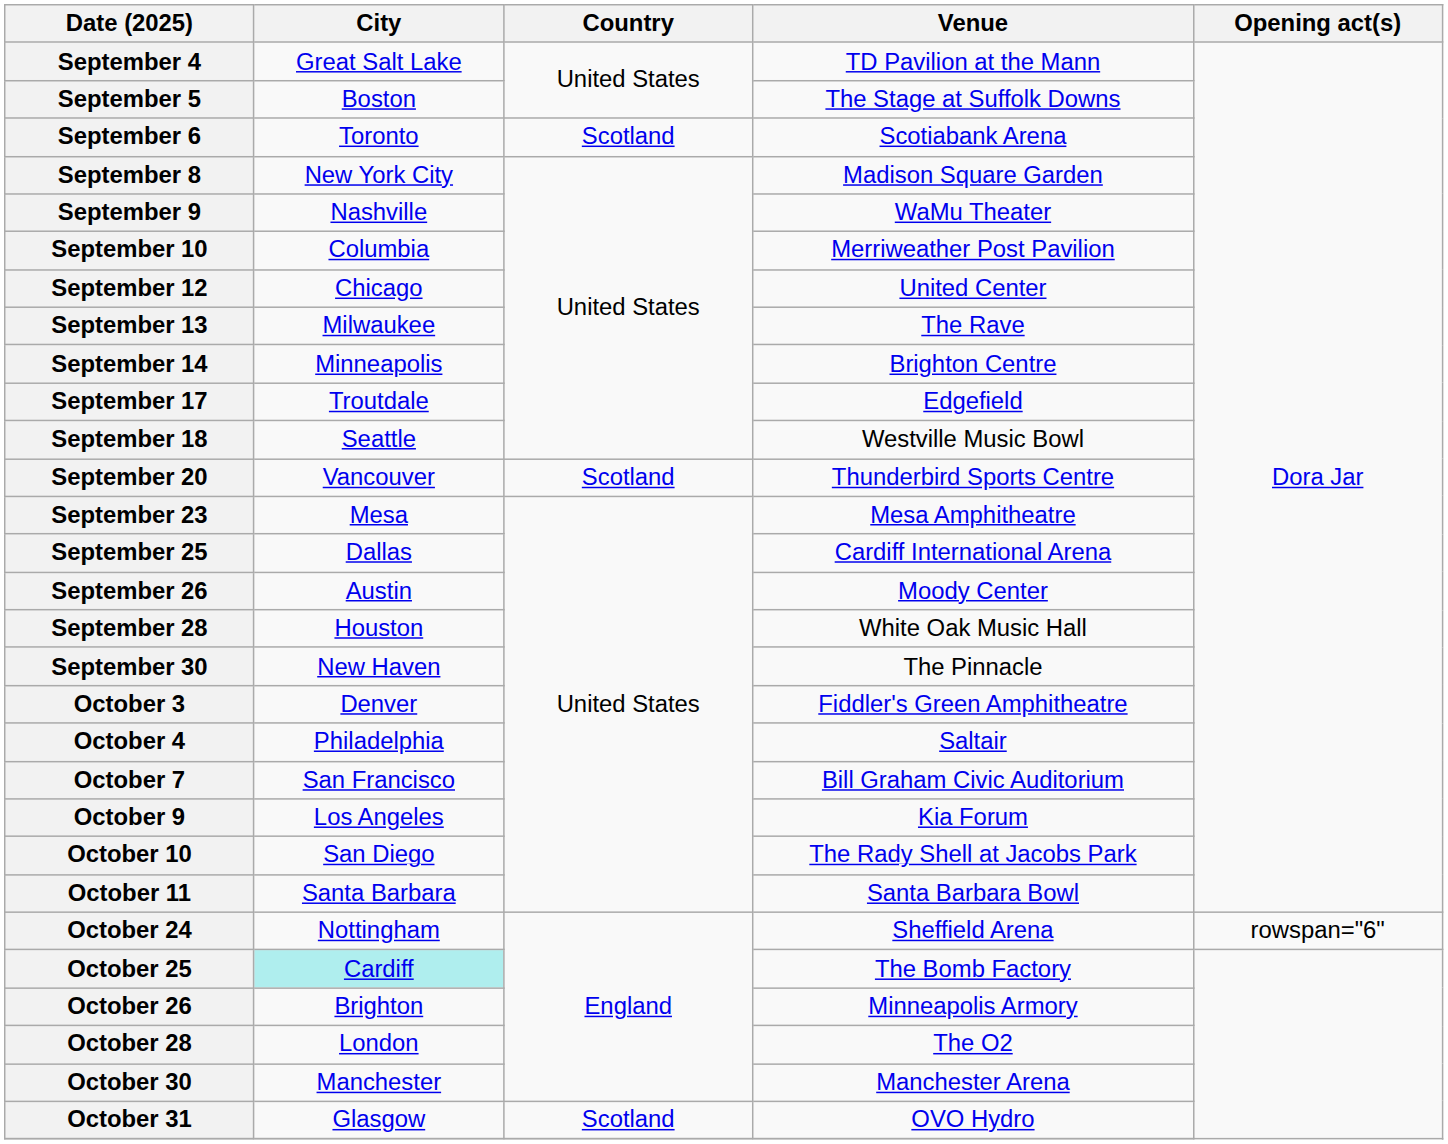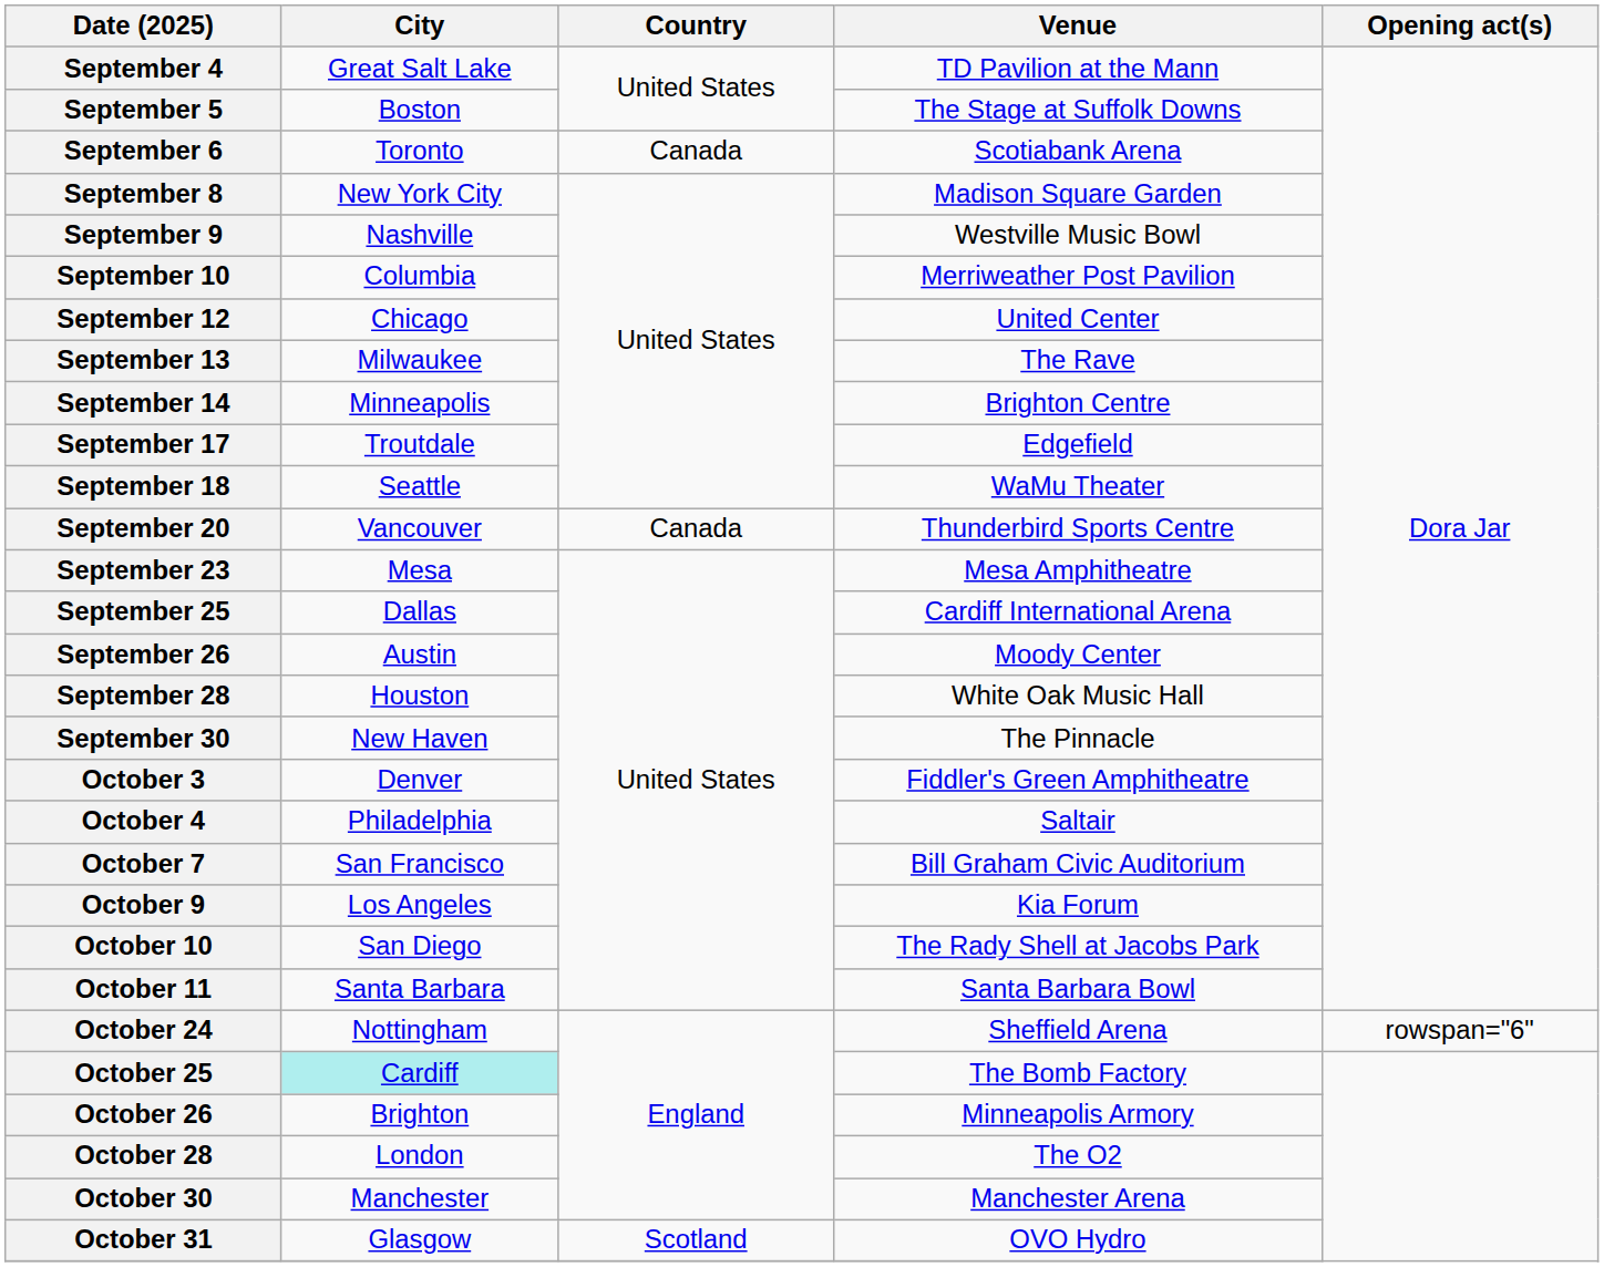 <table class="wikitable plainrowheaders" style="text-align:center;">
 <tr>
 <th scope="col" style="width:10em;">Date (2025)</th>
 <th scope="col" style="width:10em;">City</th>
 <th scope="col" style="width:10em;">Country</th>
 <th scope="col" style="width:18em;">Venue</th>
 <th scope="col" style="width:10em;">Opening act(s)</th>
 </tr>
 <tr>
 <th scope="row" style="text-align:center;">September 4</th>
 <td><a href='#'>Great Salt Lake</a></td>
 <td rowspan="2">United States</td>
 <td><a href='#'>TD Pavilion at the Mann</a></td>
 <td rowspan="23"><a href='#'>Dora Jar</a></td>
 </tr>
 <tr>
 <th scope="row" style="text-align:center;">September 5</th>
 <td><a href='#'>Boston</a></td>
 <td><a href='#'>The Stage at Suffolk Downs</a></td>
 </tr>
 <tr>
 <th scope="row" style="text-align:center;">September 6</th>
 <td><a href='#'>Toronto</a></td>
-<td rowspan="1"><a href='#'>Scotland</a></td>
+<td rowspan="1">Canada</td>
 <td><a href='#'>Scotiabank Arena</a></td>
 </tr>
 <tr>
 <th scope="row" style="text-align:center;">September 8</th>
 <td><a href='#'>New York City</a></td>
 <td rowspan="8">United States</td>
 <td><a href='#'>Madison Square Garden</a></td>
 </tr>
 <tr>
 <th scope="row" style="text-align:center;">September 9</th>
 <td><a href='#'>Nashville</a></td>
-<td><a href='#'>WaMu Theater</a></td>
+<td>Westville Music Bowl</td>
 </tr>
 <tr>
 <th scope="row" style="text-align:center;">September 10</th>
 <td><a href='#'>Columbia</a></td>
 <td><a href='#'>Merriweather Post Pavilion</a></td>
 </tr>
 <tr>
 <th scope="row" style="text-align:center;">September 12</th>
 <td><a href='#'>Chicago</a></td>
 <td><a href='#'>United Center</a></td>
 </tr>
 <tr>
 <th scope="row" style="text-align:center;">September 13</th>
 <td><a href='#'>Milwaukee</a></td>
 <td><a href='#'>The Rave</a></td>
 </tr>
 <tr>
 <th scope="row" style="text-align:center;">September 14</th>
 <td><a href='#'>Minneapolis</a></td>
 <td><a href='#'>Brighton Centre</a></td>
 </tr>
 <tr>
 <th scope="row" style="text-align:center;">September 17</th>
 <td><a href='#'>Troutdale</a></td>
 <td><a href='#'>Edgefield</a></td>
 </tr>
 <tr>
 <th scope="row" style="text-align:center;">September 18</th>
 <td><a href='#'>Seattle</a></td>
-<td>Westville Music Bowl</td>
+<td><a href='#'>WaMu Theater</a></td>
 </tr>
 <tr>
 <th scope="row" style="text-align:center;">September 20</th>
 <td><a href='#'>Vancouver</a></td>
-<td rowspan="1"><a href='#'>Scotland</a></td>
+<td rowspan="1">Canada</td>
 <td><a href='#'>Thunderbird Sports Centre</a></td>
 </tr>
 <tr>
 <th scope="row" style="text-align:center;">September 23</th>
 <td><a href='#'>Mesa</a></td>
 <td rowspan="11">United States</td>
 <td><a href='#'>Mesa Amphitheatre</a></td>
 </tr>
 <tr>
 <th scope="row" style="text-align:center;">September 25</th>
 <td><a href='#'>Dallas</a></td>
 <td><a href='#'>Cardiff International Arena</a></td>
 </tr>
 <tr>
 <th scope="row" style="text-align:center;">September 26</th>
 <td><a href='#'>Austin</a></td>
 <td><a href='#'>Moody Center</a></td>
 </tr>
 <tr>
 <th scope="row" style="text-align:center;">September 28</th>
 <td><a href='#'>Houston</a></td>
 <td>White Oak Music Hall</td>
 </tr>
 <tr>
 <th scope="row" style="text-align:center;">September 30</th>
 <td><a href='#'>New Haven</a></td>
 <td>The Pinnacle</td>
 </tr>
 <tr>
 <th scope="row" style="text-align:center;">October 3</th>
 <td><a href='#'>Denver</a></td>
 <td><a href='#'>Fiddler's Green Amphitheatre</a></td>
 </tr>
 <tr>
 <th scope="row" style="text-align:center;">October 4</th>
 <td><a href='#'>Philadelphia</a></td>
 <td><a href='#'>Saltair</a></td>
 </tr>
 <tr>
 <th scope="row" style="text-align:center;">October 7</th>
 <td><a href='#'>San Francisco</a></td>
 <td><a href='#'>Bill Graham Civic Auditorium</a></td>
 </tr>
 <tr>
 <th scope="row" style="text-align:center;">October 9</th>
 <td><a href='#'>Los Angeles</a></td>
 <td><a href='#'>Kia Forum</a></td>
 </tr>
 <tr>
 <th scope="row" style="text-align:center;">October 10</th>
 <td><a href='#'>San Diego</a></td>
 <td><a href='#'>The Rady Shell at Jacobs Park</a></td>
 </tr>
 <tr>
 <th scope="row" style="text-align:center;">October 11</th>
 <td><a href='#'>Santa Barbara</a></td>
 <td><a href='#'>Santa Barbara Bowl</a></td>
 </tr>
 <tr>
 <th scope="row" style="text-align:center;">October 24</th>
 <td><a href='#'>Nottingham</a></td>
 <td rowspan="5"><a href='#'>England</a></td>
 <td><a href='#'>Sheffield Arena</a></td>
 <td>rowspan="6" </td>
 </tr>
 <tr>
 <th scope="row" style="text-align:center;">October 25</th>
 <td style="background: paleturquoise;"><a href='#'>Cardiff</a></td>
 <td><a href='#'>The Bomb Factory</a></td>
 </tr>
 <tr>
 <th scope="row" style="text-align:center;">October 26</th>
 <td><a href='#'>Brighton</a></td>
 <td><a href='#'>Minneapolis Armory</a></td>
 </tr>
 <tr>
 <th scope="row" style="text-align:center;">October 28</th>
 <td><a href='#'>London</a></td>
 <td><a href='#'>The O2</a></td>
 </tr>
 <tr>
 <th scope="row" style="text-align:center;">October 30</th>
 <td><a href='#'>Manchester</a></td>
 <td><a href='#'>Manchester Arena</a></td>
 </tr>
 <tr>
 <th scope="row" style="text-align:center;">October 31</th>
 <td><a href='#'>Glasgow</a></td>
 <td rowspan="1"><a href='#'>Scotland</a></td>
 <td><a href='#'>OVO Hydro</a></td>
 </tr>
 <tr>
 </tr>
 </table>
